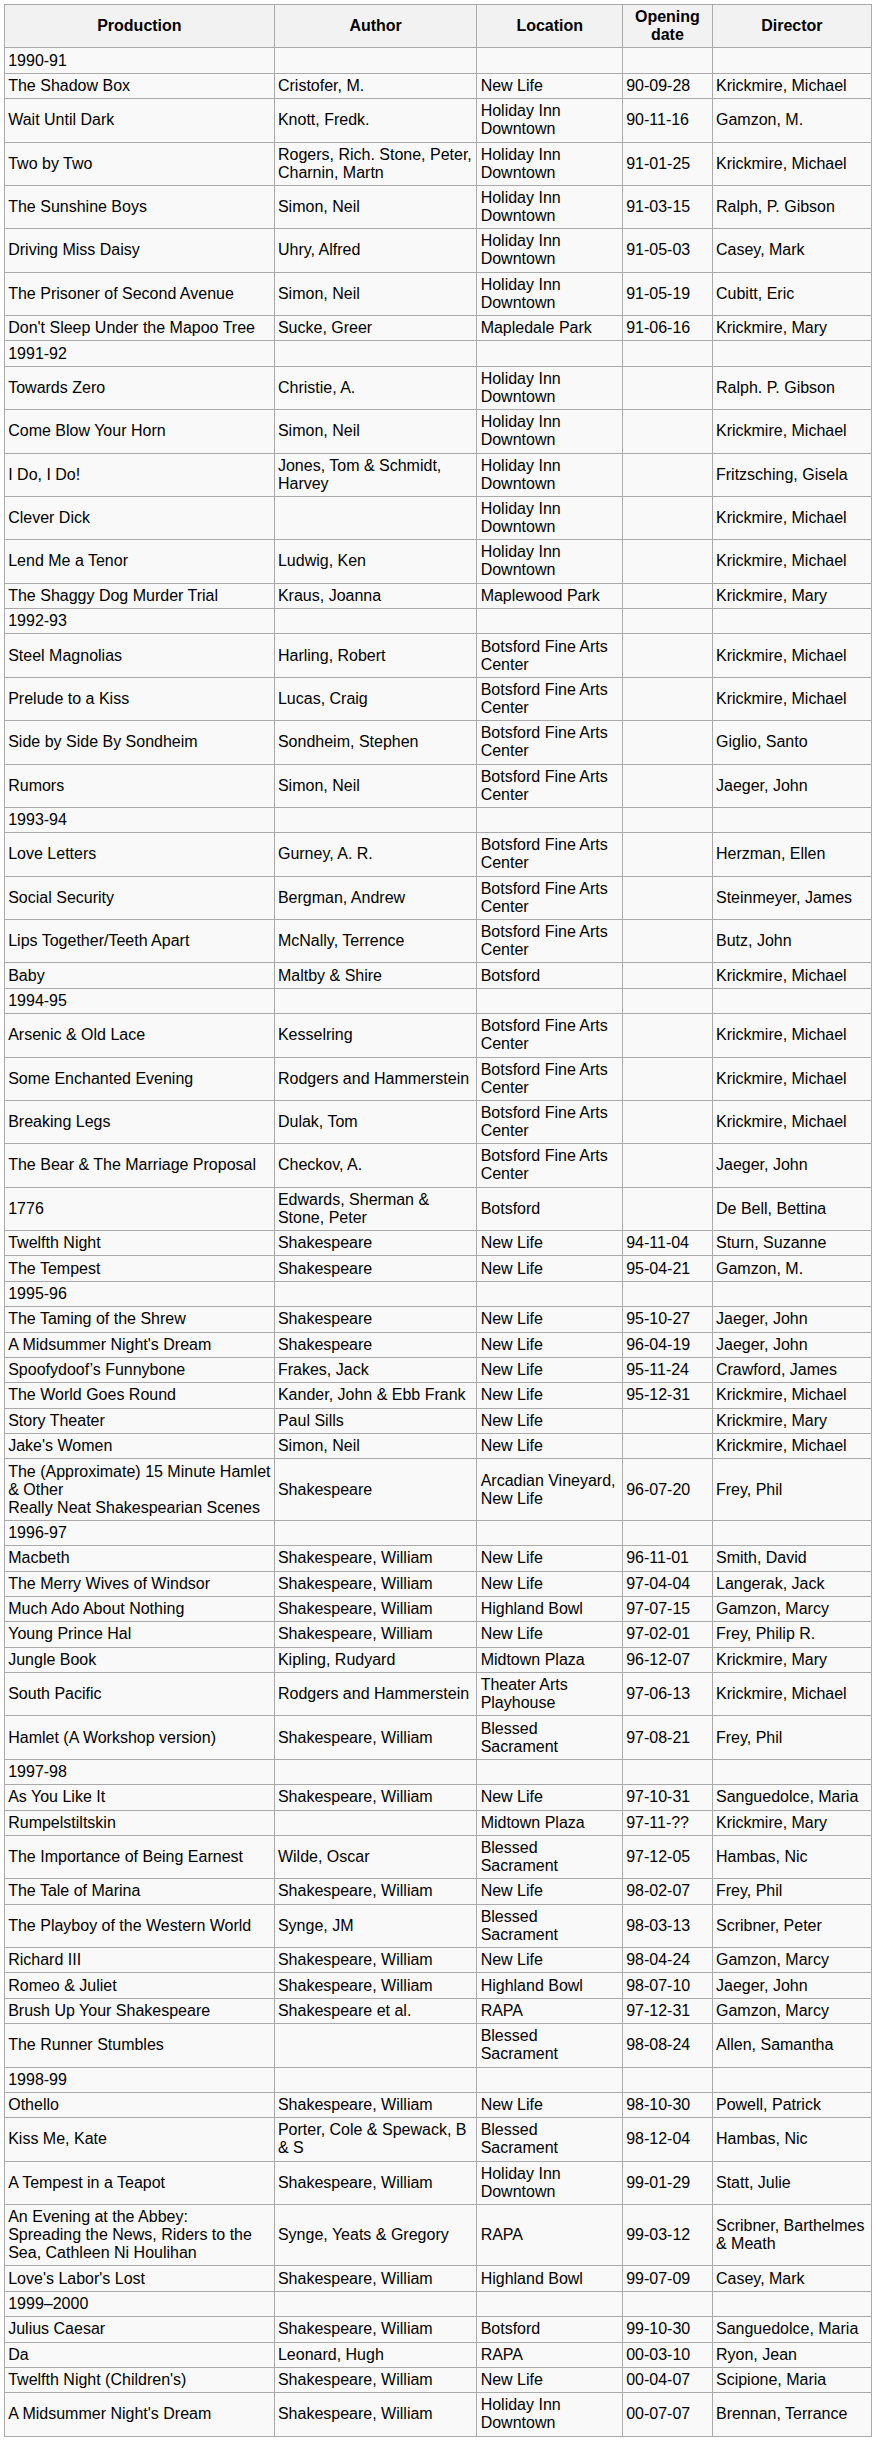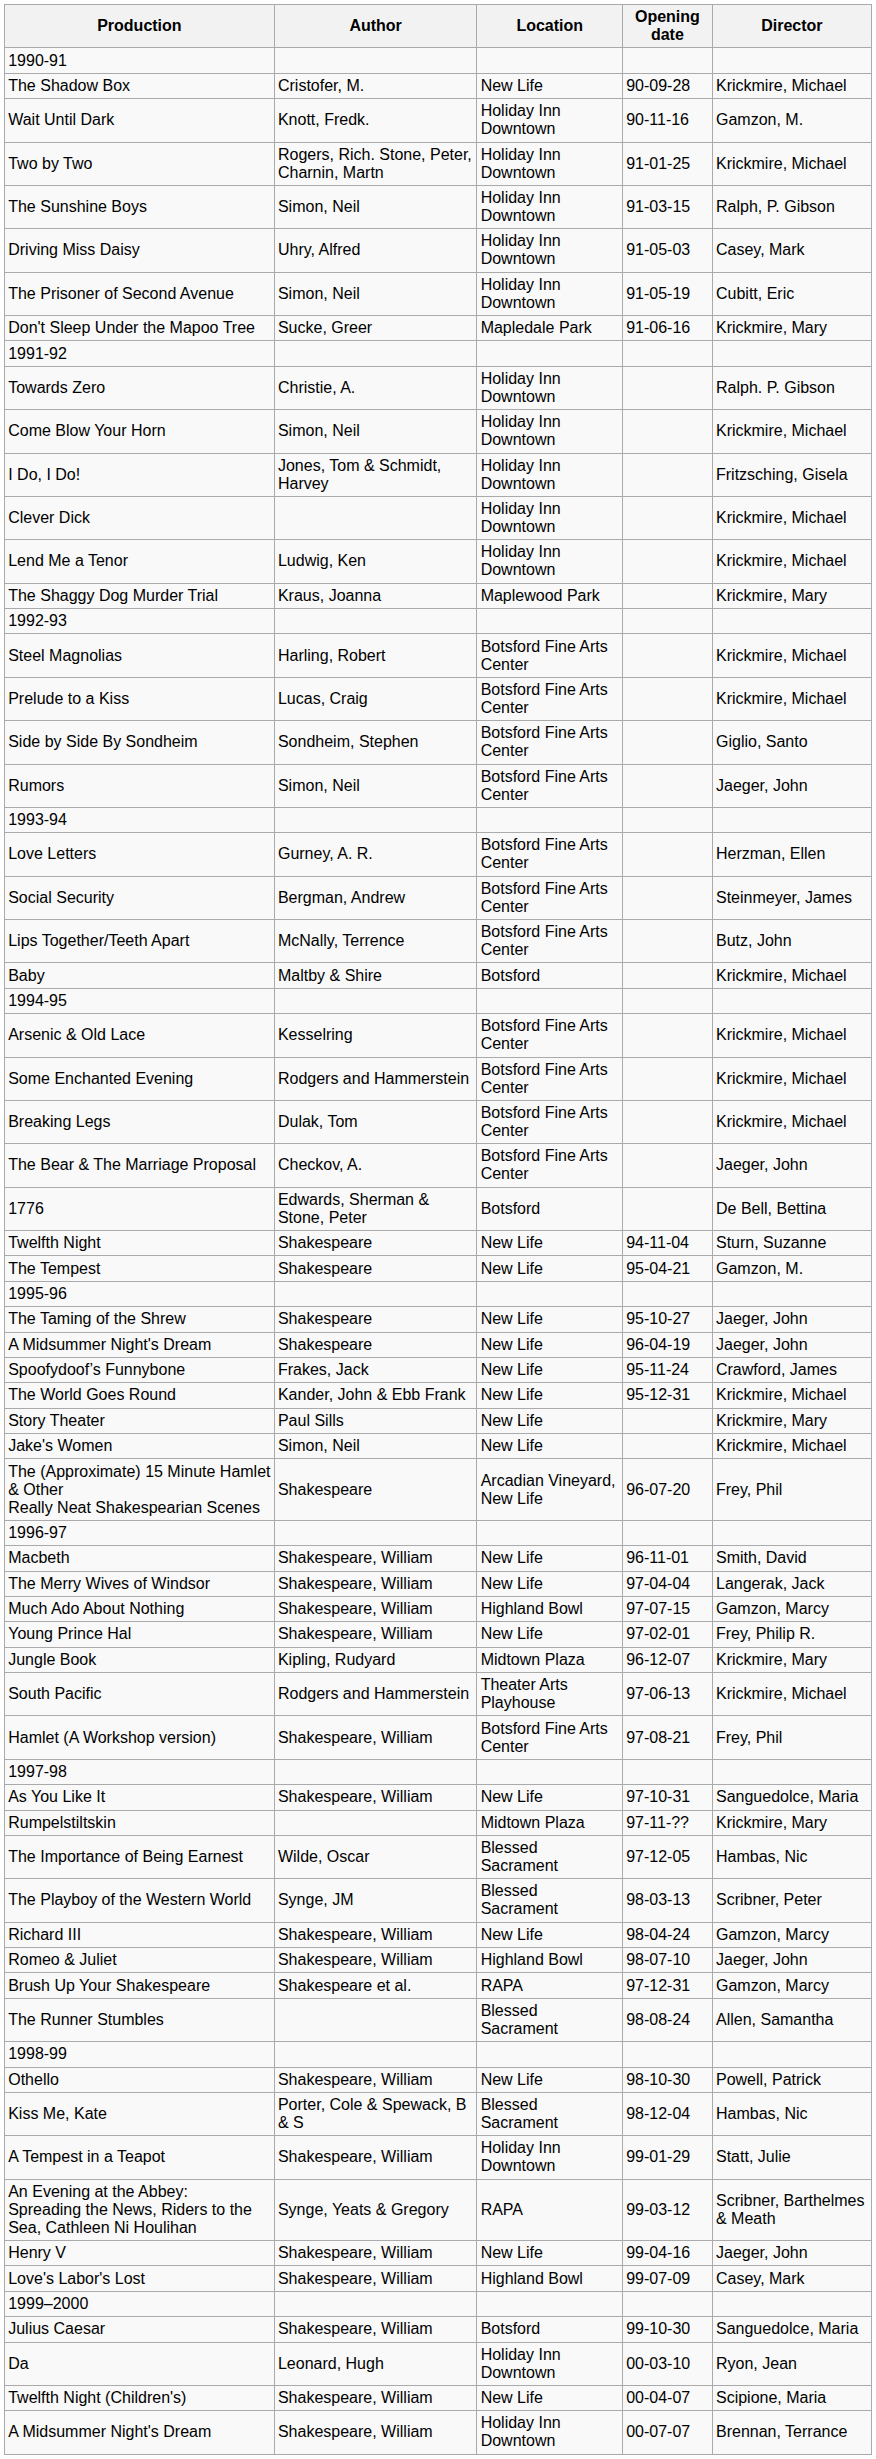 <table class="wikitable" border="1">
 <tr>
 <th>Production</th>
 <th>Author</th>
 <th>Location</th>
 <th>Opening date</th>
 <th>Director</th>
 </tr>
 <tr>
 <td>1990-91</td>
 <td></td>
 <td></td>
 <td></td>
 <td></td>
 </tr>
 <tr>
 <td>The Shadow Box</td>
 <td>Cristofer, M.</td>
 <td>New Life</td>
 <td>90-09-28</td>
 <td>Krickmire, Michael</td>
 </tr>
 <tr>
 <td>Wait Until Dark</td>
 <td>Knott, Fredk.</td>
 <td>Holiday Inn Downtown</td>
 <td>90-11-16</td>
 <td>Gamzon, M.</td>
 </tr>
 <tr>
 <td>Two by Two</td>
 <td>Rogers, Rich. Stone, Peter, Charnin, Martn</td>
 <td>Holiday Inn Downtown</td>
 <td>91-01-25</td>
 <td>Krickmire, Michael</td>
 </tr>
 <tr>
 <td>The Sunshine Boys</td>
 <td>Simon, Neil</td>
 <td>Holiday Inn Downtown</td>
 <td>91-03-15</td>
 <td>Ralph, P. Gibson</td>
 </tr>
 <tr>
 <td>Driving Miss Daisy</td>
 <td>Uhry, Alfred</td>
 <td>Holiday Inn Downtown</td>
 <td>91-05-03</td>
 <td>Casey, Mark</td>
 </tr>
 <tr>
 <td>The Prisoner of Second Avenue</td>
 <td>Simon, Neil</td>
 <td>Holiday Inn Downtown</td>
 <td>91-05-19</td>
 <td>Cubitt, Eric</td>
 </tr>
 <tr>
 <td>Don't Sleep Under the Mapoo Tree</td>
 <td>Sucke, Greer</td>
 <td>Mapledale Park</td>
 <td>91-06-16</td>
 <td>Krickmire, Mary</td>
 </tr>
 <tr 68>
 <td>1991-92</td>
 <td></td>
 <td></td>
 <td></td>
 <td></td>
 </tr>
 <tr>
 <td>Towards Zero</td>
 <td>Christie, A.</td>
 <td>Holiday Inn Downtown</td>
 <td></td>
 <td>Ralph. P. Gibson</td>
 </tr>
 <tr>
 <td>Come Blow Your Horn</td>
 <td>Simon, Neil</td>
 <td>Holiday Inn Downtown</td>
 <td></td>
 <td>Krickmire, Michael</td>
 </tr>
 <tr>
 <td>I Do, I Do!</td>
 <td>Jones, Tom & Schmidt, Harvey</td>
 <td>Holiday Inn Downtown</td>
 <td></td>
 <td>Fritzsching, Gisela</td>
 </tr>
 <tr>
 <td>Clever Dick</td>
 <td></td>
 <td>Holiday Inn Downtown</td>
 <td></td>
 <td>Krickmire, Michael</td>
 </tr>
 <tr>
 <td>Lend Me a Tenor</td>
 <td>Ludwig, Ken</td>
 <td>Holiday Inn Downtown</td>
 <td></td>
 <td>Krickmire, Michael</td>
 </tr>
 <tr>
 <td>The Shaggy Dog Murder Trial</td>
 <td>Kraus, Joanna</td>
 <td>Maplewood Park</td>
 <td></td>
 <td>Krickmire, Mary</td>
 </tr>
 <tr 69>
 <td>1992-93</td>
 <td></td>
 <td></td>
 <td></td>
 <td></td>
 </tr>
 <tr>
 <td>Steel Magnolias</td>
 <td>Harling, Robert</td>
 <td>Botsford Fine Arts Center</td>
 <td></td>
 <td>Krickmire, Michael</td>
 </tr>
 <tr>
 <td>Prelude to a Kiss</td>
 <td>Lucas, Craig</td>
 <td>Botsford Fine Arts Center</td>
 <td></td>
 <td>Krickmire, Michael</td>
 </tr>
 <tr>
 <td>Side by Side By Sondheim</td>
 <td>Sondheim, Stephen</td>
 <td>Botsford Fine Arts Center</td>
 <td></td>
 <td>Giglio, Santo</td>
 </tr>
 <tr>
 <td>Rumors</td>
 <td>Simon, Neil</td>
 <td>Botsford Fine Arts Center</td>
 <td></td>
 <td>Jaeger, John</td>
 </tr>
 <tr 70>
 <td>1993-94</td>
 <td></td>
 <td></td>
 <td></td>
 <td></td>
 </tr>
 <tr>
 <td>Love Letters</td>
 <td>Gurney, A. R.</td>
 <td>Botsford Fine Arts Center</td>
 <td></td>
 <td>Herzman, Ellen</td>
 </tr>
 <tr>
 <td>Social Security</td>
 <td>Bergman, Andrew</td>
 <td>Botsford Fine Arts Center</td>
 <td></td>
 <td>Steinmeyer, James</td>
 </tr>
 <tr>
 <td>Lips Together/Teeth Apart</td>
 <td>McNally, Terrence</td>
 <td>Botsford Fine Arts Center</td>
 <td></td>
 <td>Butz, John</td>
 </tr>
 <tr>
 <td>Baby</td>
 <td>Maltby & Shire</td>
 <td>Botsford</td>
 <td></td>
 <td>Krickmire, Michael</td>
 </tr>
 <tr 71>
 <td>1994-95</td>
 <td></td>
 <td></td>
 <td></td>
 <td></td>
 </tr>
 <tr>
 <td>Arsenic & Old Lace</td>
 <td>Kesselring</td>
 <td>Botsford Fine Arts Center</td>
 <td></td>
 <td>Krickmire, Michael</td>
 </tr>
 <tr>
 <td>Some Enchanted Evening</td>
 <td>Rodgers and Hammerstein</td>
 <td>Botsford Fine Arts Center</td>
 <td></td>
 <td>Krickmire, Michael</td>
 </tr>
 <tr>
 <td>Breaking Legs</td>
 <td>Dulak, Tom</td>
 <td>Botsford Fine Arts Center</td>
 <td></td>
 <td>Krickmire, Michael</td>
 </tr>
 <tr>
 <td>The Bear & The Marriage Proposal</td>
 <td>Checkov, A.</td>
 <td>Botsford Fine Arts Center</td>
 <td></td>
 <td>Jaeger, John</td>
 </tr>
 <tr>
 <td>1776</td>
 <td>Edwards, Sherman & Stone, Peter</td>
 <td>Botsford</td>
 <td></td>
 <td>De Bell, Bettina</td>
 </tr>
 <tr>
 <td>Twelfth Night</td>
 <td>Shakespeare</td>
 <td>New Life</td>
 <td>94-11-04</td>
 <td>Sturn, Suzanne</td>
 </tr>
 <tr>
 <td>The Tempest</td>
 <td>Shakespeare</td>
 <td>New Life</td>
 <td>95-04-21</td>
 <td>Gamzon, M.</td>
 </tr>
 <tr 72>
 <td>1995-96</td>
 <td></td>
 <td></td>
 <td></td>
 <td></td>
 </tr>
 <tr>
 <td>The Taming of the Shrew</td>
 <td>Shakespeare</td>
 <td>New Life</td>
 <td>95-10-27</td>
 <td>Jaeger, John</td>
 </tr>
 <tr>
 <td>A Midsummer Night's Dream</td>
 <td>Shakespeare</td>
 <td>New Life</td>
 <td>96-04-19</td>
 <td>Jaeger, John</td>
 </tr>
 <tr>
 <td>Spoofydoof’s Funnybone</td>
 <td>Frakes, Jack</td>
 <td>New Life</td>
 <td>95-11-24</td>
 <td>Crawford, James</td>
 </tr>
 <tr>
 <td>The World Goes Round</td>
 <td>Kander, John & Ebb Frank</td>
 <td>New Life</td>
 <td>95-12-31</td>
 <td>Krickmire, Michael</td>
 </tr>
 <tr>
 <td>Story Theater</td>
 <td>Paul Sills</td>
 <td>New Life</td>
 <td></td>
 <td>Krickmire, Mary</td>
 </tr>
 <tr>
 <td>Jake's Women</td>
 <td>Simon, Neil</td>
 <td>New Life</td>
 <td></td>
 <td>Krickmire, Michael</td>
 </tr>
 <tr>
 <td>The (Approximate) 15 Minute Hamlet & Other<br>Really Neat Shakespearian Scenes</td>
 <td>Shakespeare</td>
 <td>Arcadian Vineyard, New Life</td>
 <td>96-07-20</td>
 <td>Frey, Phil</td>
 </tr>
 <tr 73>
 <td>1996-97</td>
 <td></td>
 <td></td>
 <td></td>
 <td></td>
 </tr>
 <tr>
 <td>Macbeth</td>
 <td>Shakespeare, William</td>
 <td>New Life</td>
 <td>96-11-01</td>
 <td>Smith, David</td>
 </tr>
 <tr>
 <td>The Merry Wives of Windsor</td>
 <td>Shakespeare, William</td>
 <td>New Life</td>
 <td>97-04-04</td>
 <td>Langerak, Jack</td>
 </tr>
 <tr>
 <td>Much Ado About Nothing</td>
 <td>Shakespeare, William</td>
 <td>Highland Bowl</td>
 <td>97-07-15</td>
 <td>Gamzon, Marcy</td>
 </tr>
 <tr>
 <td>Young Prince Hal</td>
 <td>Shakespeare, William</td>
 <td>New Life</td>
 <td>97-02-01</td>
 <td>Frey, Philip R.</td>
 </tr>
 <tr>
 <td>Jungle Book</td>
 <td>Kipling, Rudyard</td>
 <td>Midtown Plaza</td>
 <td>96-12-07</td>
 <td>Krickmire, Mary</td>
 </tr>
 <tr>
 <td>South Pacific</td>
 <td>Rodgers and Hammerstein</td>
 <td>Theater Arts Playhouse</td>
 <td>97-06-13</td>
 <td>Krickmire, Michael</td>
 </tr>
 <tr>
 <td>Hamlet (A Workshop version)</td>
 <td>Shakespeare, William</td>
-<td>Blessed Sacrament</td>
+<td>Botsford Fine Arts Center</td>
 <td>97-08-21</td>
 <td>Frey, Phil</td>
 </tr>
 <tr 74>
 <td>1997-98</td>
 <td></td>
 <td></td>
 <td></td>
 <td></td>
 </tr>
 <tr>
 <td>As You Like It</td>
 <td>Shakespeare, William</td>
 <td>New Life</td>
 <td>97-10-31</td>
 <td>Sanguedolce, Maria</td>
 </tr>
 <tr>
 <td>Rumpelstiltskin</td>
 <td></td>
 <td>Midtown Plaza</td>
 <td>97-11-??</td>
 <td>Krickmire, Mary</td>
 </tr>
 <tr>
 <td>The Importance of Being Earnest</td>
 <td>Wilde, Oscar</td>
 <td>Blessed Sacrament</td>
 <td>97-12-05</td>
 <td>Hambas, Nic</td>
-</tr>
-<tr>
-<td>The Tale of Marina</td>
-<td>Shakespeare, William</td>
-<td>New Life</td>
-<td>98-02-07</td>
-<td>Frey, Phil</td>
 </tr>
 <tr>
 <td>The Playboy of the Western World</td>
 <td>Synge, JM</td>
 <td>Blessed Sacrament</td>
 <td>98-03-13</td>
 <td>Scribner, Peter</td>
 </tr>
 <tr>
 <td>Richard III</td>
 <td>Shakespeare, William</td>
 <td>New Life</td>
 <td>98-04-24</td>
 <td>Gamzon, Marcy</td>
 </tr>
 <tr>
 <td>Romeo & Juliet</td>
 <td>Shakespeare, William</td>
 <td>Highland Bowl</td>
 <td>98-07-10</td>
 <td>Jaeger, John</td>
 </tr>
 <tr>
 <td>Brush Up Your Shakespeare</td>
 <td>Shakespeare et al.</td>
 <td>RAPA</td>
 <td>97-12-31</td>
 <td>Gamzon, Marcy</td>
 </tr>
 <tr>
 <td>The Runner Stumbles</td>
 <td></td>
 <td>Blessed Sacrament</td>
 <td>98-08-24</td>
 <td>Allen, Samantha</td>
 </tr>
 <tr 75>
 <td>1998-99</td>
 <td></td>
 <td></td>
 <td></td>
 <td></td>
 </tr>
 <tr>
 <td>Othello</td>
 <td>Shakespeare, William</td>
 <td>New Life</td>
 <td>98-10-30</td>
 <td>Powell, Patrick</td>
 </tr>
 <tr>
 <td>Kiss Me, Kate</td>
 <td>Porter, Cole & Spewack, B & S</td>
 <td>Blessed Sacrament</td>
 <td>98-12-04</td>
 <td>Hambas, Nic</td>
 </tr>
 <tr>
 <td>A Tempest in a Teapot</td>
 <td>Shakespeare, William</td>
 <td>Holiday Inn Downtown</td>
 <td>99-01-29</td>
 <td>Statt, Julie</td>
 </tr>
 <tr>
 <td>An Evening at the Abbey:<br>Spreading the News,  Riders to the Sea,  Cathleen Ni Houlihan</td>
 <td>Synge, Yeats & Gregory</td>
 <td>RAPA</td>
 <td>99-03-12</td>
 <td>Scribner, Barthelmes & Meath</td>
 </tr>
 <tr>
+<td>Henry V</td>
+<td>Shakespeare, William</td>
+<td>New Life</td>
+<td>99-04-16</td>
+<td>Jaeger, John</td>
+</tr>
+<tr>
 <td>Love's Labor's Lost</td>
 <td>Shakespeare, William</td>
 <td>Highland Bowl</td>
 <td>99-07-09</td>
 <td>Casey, Mark</td>
 </tr>
 <tr 76>
 <td>1999–2000</td>
 <td></td>
 <td></td>
 <td></td>
 <td></td>
 </tr>
 <tr>
 <td>Julius Caesar</td>
 <td>Shakespeare, William</td>
 <td>Botsford</td>
 <td>99-10-30</td>
 <td>Sanguedolce, Maria</td>
 </tr>
 <tr>
 <td>Da</td>
 <td>Leonard, Hugh</td>
-<td>RAPA</td>
+<td>Holiday Inn Downtown</td>
 <td>00-03-10</td>
 <td>Ryon, Jean</td>
 </tr>
 <tr>
 <td>Twelfth Night (Children's)</td>
 <td>Shakespeare, William</td>
 <td>New Life</td>
 <td>00-04-07</td>
 <td>Scipione, Maria</td>
 </tr>
 <tr>
 <td>A Midsummer Night's Dream</td>
 <td>Shakespeare, William</td>
 <td>Holiday Inn Downtown</td>
 <td>00-07-07</td>
 <td>Brennan, Terrance</td>
 </tr>
 </table>
